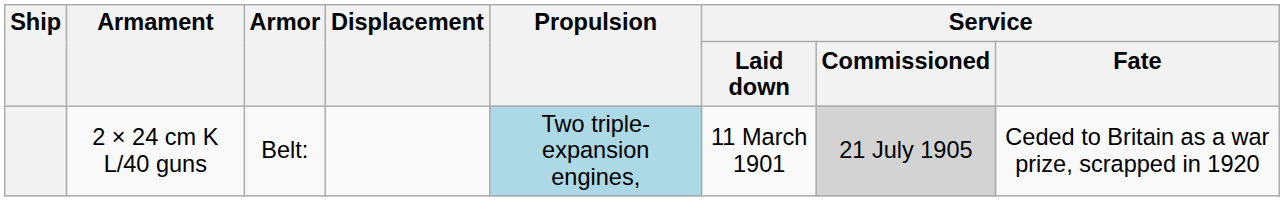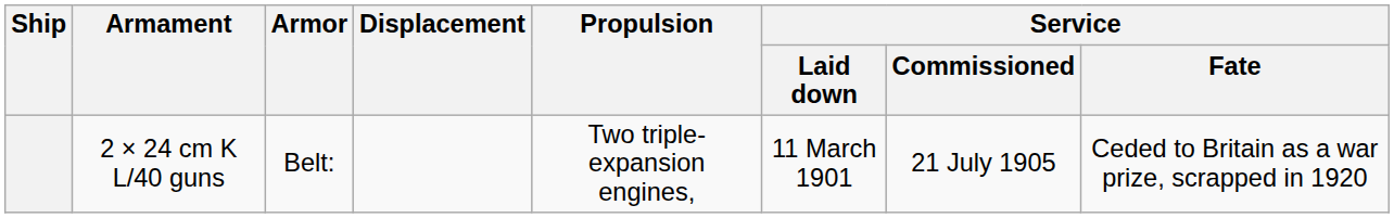 <table class="wikitable plainrowheaders" style="text-align: center;">
 <tr valign="top">
 <th scope="col" rowspan="2">Ship</th>
 <th scope="col" rowspan="2">Armament</th>
 <th scope="col" rowspan="2">Armor</th>
 <th scope="col" rowspan="2">Displacement</th>
 <th scope="col" rowspan="2">Propulsion</th>
 <th scope="col" colspan="3">Service</th>
 </tr>
 <tr valign="top">
 <th scope="col">Laid down</th>
 <th scope="col">Commissioned</th>
 <th scope="col">Fate</th>
 </tr>
 <tr valign="center">
 <th scope="row"></th>
 <td>2 × 24 cm K L/40 guns</td>
 <td>Belt: </td>
 <td></td>
-<td style="background: lightblue;">Two triple-expansion engines, </td>
+<td>Two triple-expansion engines, </td>
 <td>11 March 1901</td>
-<td style="background: lightgrey;">21 July 1905</td>
+<td>21 July 1905</td>
 <td>Ceded to Britain as a war prize, scrapped in 1920</td>
 </tr>
 </table>
